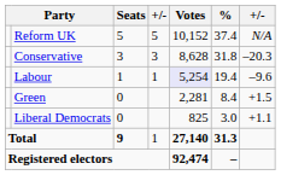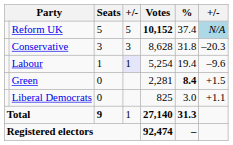 <table class="wikitable sortable">
 <tr>
 <th colspan="2">Party</th>
 <th>Seats</th>
 <th>+/-</th>
 <th>Votes</th>
 <th>%</th>
 <th>+/-</th>
 </tr>
 <tr>
 <td style="background-color: "></td>
 <td><a href='#'>Reform UK</a></td>
 <td>5</td>
 <td> 5</td>
-<td style="text-align:right;">10,152</td>
+<td style="text-align:right;"><strong>10,152</strong></td>
 <td style="text-align:right;">37.4</td>
-<td style="text-align:right;"><em>N/A</em></td>
+<td style="background: lightblue; text-align:right;"><em>N/A</em></td>
 </tr>
 <tr>
 <td style="background-color: "></td>
 <td><a href='#'>Conservative</a></td>
 <td>3</td>
 <td> 3</td>
 <td style="text-align:right;">8,628</td>
 <td style="text-align:right;">31.8</td>
 <td style="text-align:right;">–20.3</td>
 </tr>
 <tr>
 <td style="background-color: "></td>
 <td><a href='#'>Labour</a></td>
 <td>1</td>
-<td> 1</td>
-<td style="background: lavender; text-align:right;">5,254</td>
+<td style="background: lavender;"> 1</td>
+<td style="text-align:right;">5,254</td>
 <td style="text-align:right;">19.4</td>
 <td style="text-align:right;">–9.6</td>
 </tr>
 <tr>
 <td style="background-color: "></td>
 <td><a href='#'>Green</a></td>
 <td>0</td>
 <td></td>
 <td style="text-align:right;">2,281</td>
-<td style="text-align:right;">8.4</td>
+<td style="text-align:right;"><strong>8.4</strong></td>
 <td style="text-align:right;">+1.5</td>
 </tr>
 <tr>
 <td style="background-color: "></td>
 <td><a href='#'>Liberal Democrats</a></td>
 <td>0</td>
 <td></td>
 <td style="text-align:right;">825</td>
 <td style="text-align:right;">3.0</td>
 <td style="text-align:right;">+1.1</td>
 </tr>
 <tr>
 <td colspan="2"><strong>Total</strong></td>
 <td><strong>9</strong></td>
 <td> 1</td>
 <td style="text-align:right;"><strong>27,140</strong></td>
 <td style="text-align:right;"><strong>31.3</strong></td>
 <td style="text-align:right;"></td>
 </tr>
 <tr>
 <td colspan="4"><strong>Registered electors</strong></td>
 <td style="text-align:right;"><strong>92,474</strong></td>
 <td style="text-align:right;"><strong>–</strong></td>
 <td style="text-align:right;"></td>
 </tr>
 </table>
